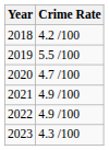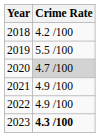 <table class="wikitable">
 <tr>
 <th>Year</th>
 <th>Crime Rate</th>
 </tr>
 <tr>
 <td>2018</td>
 <td>4.2   /100</td>
 </tr>
 <tr>
 <td>2019</td>
 <td>5.5   /100</td>
 </tr>
 <tr>
 <td>2020</td>
-<td>4.7   /100</td>
+<td style="background: lightgrey;">4.7   /100</td>
 </tr>
 <tr>
 <td>2021</td>
 <td>4.9   /100</td>
 </tr>
 <tr>
 <td>2022</td>
 <td>4.9   /100</td>
 </tr>
 <tr>
 <td>2023</td>
-<td>4.3   /100</td>
+<td><strong>4.3   /100</strong></td>
 </tr>
 </table>
